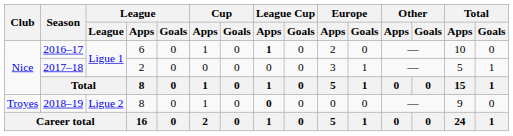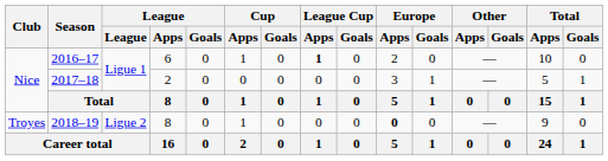 <table class="wikitable" style="text-align: center">
 <tr>
 <th rowspan="2">Club</th>
 <th rowspan="2">Season</th>
 <th colspan="3">League</th>
 <th colspan="2">Cup</th>
 <th colspan="2">League Cup</th>
 <th colspan="2">Europe</th>
 <th colspan="2">Other</th>
 <th colspan="2">Total</th>
 </tr>
 <tr>
 <th>League</th>
 <th>Apps</th>
 <th>Goals</th>
 <th>Apps</th>
 <th>Goals</th>
 <th>Apps</th>
 <th>Goals</th>
 <th>Apps</th>
 <th>Goals</th>
 <th>Apps</th>
 <th>Goals</th>
 <th>Apps</th>
 <th>Goals</th>
 </tr>
 <tr>
 <td rowspan="3"><a href='#'>Nice</a></td>
 <td><a href='#'>2016–17</a></td>
 <td rowspan="2"><a href='#'>Ligue 1</a></td>
 <td>6</td>
 <td>0</td>
 <td>1</td>
 <td>0</td>
 <td><strong>1</strong></td>
 <td>0</td>
 <td>2</td>
 <td>0</td>
 <td colspan="2">—</td>
 <td>10</td>
 <td>0</td>
 </tr>
 <tr>
 <td><a href='#'>2017–18</a></td>
 <td>2</td>
 <td>0</td>
 <td>0</td>
 <td>0</td>
 <td>0</td>
 <td>0</td>
 <td>3</td>
 <td>1</td>
 <td colspan="2">—</td>
 <td>5</td>
 <td>1</td>
 </tr>
 <tr>
 <th colspan="2">Total</th>
 <th>8</th>
 <th>0</th>
 <th>1</th>
 <th>0</th>
 <th>1</th>
 <th>0</th>
 <th>5</th>
 <th>1</th>
 <th>0</th>
 <th>0</th>
 <th>15</th>
 <th>1</th>
 </tr>
 <tr>
 <td><a href='#'>Troyes</a></td>
 <td><a href='#'>2018–19</a></td>
 <td><a href='#'>Ligue 2</a></td>
 <td>8</td>
 <td>0</td>
 <td>1</td>
 <td>0</td>
-<td><strong>0</strong></td>
 <td>0</td>
 <td>0</td>
+<td><strong>0</strong></td>
 <td>0</td>
 <td colspan="2">—</td>
 <td>9</td>
 <td>0</td>
 </tr>
 <tr>
 <th colspan="3">Career total</th>
 <th>16</th>
 <th>0</th>
 <th>2</th>
 <th>0</th>
 <th>1</th>
 <th>0</th>
 <th>5</th>
 <th>1</th>
 <th>0</th>
 <th>0</th>
 <th>24</th>
 <th>1</th>
 </tr>
 </table>
